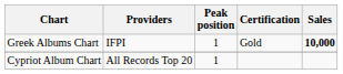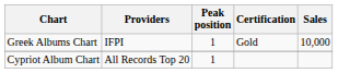 <table class="wikitable">
 <tr>
 <th align="left">Chart</th>
 <th align="left">Providers</th>
 <th align="left">Peak<br>position</th>
 <th align="left">Certification</th>
 <th align="left">Sales</th>
 </tr>
 <tr>
 <td align="left">Greek Albums Chart</td>
 <td align="left">IFPI</td>
 <td align="center">1</td>
 <td align="left">Gold</td>
-<td align="center"><strong>10,000</strong></td>
+<td align="center">10,000</td>
 </tr>
 <tr>
 </tr>
 <tr>
 <td align="left">Cypriot Album Chart </td>
 <td align="left">All Records Top 20</td>
 <td align="center">1</td>
 <td align="left"></td>
 <td align="center"></td>
 </tr>
 </table>
